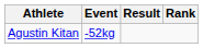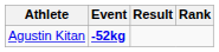 <table class="wikitable">
 <tr>
 <th>Athlete</th>
 <th>Event</th>
 <th>Result</th>
 <th>Rank</th>
 </tr>
 <tr align=center>
 <td align=left><a href='#'>Agustin Kitan</a></td>
-<td align=left><a href='#'>-52kg</a></td>
+<td align=left><strong><a href='#'>-52kg</a></strong></td>
 <td colspan=2></td>
 </tr>
 </table>
